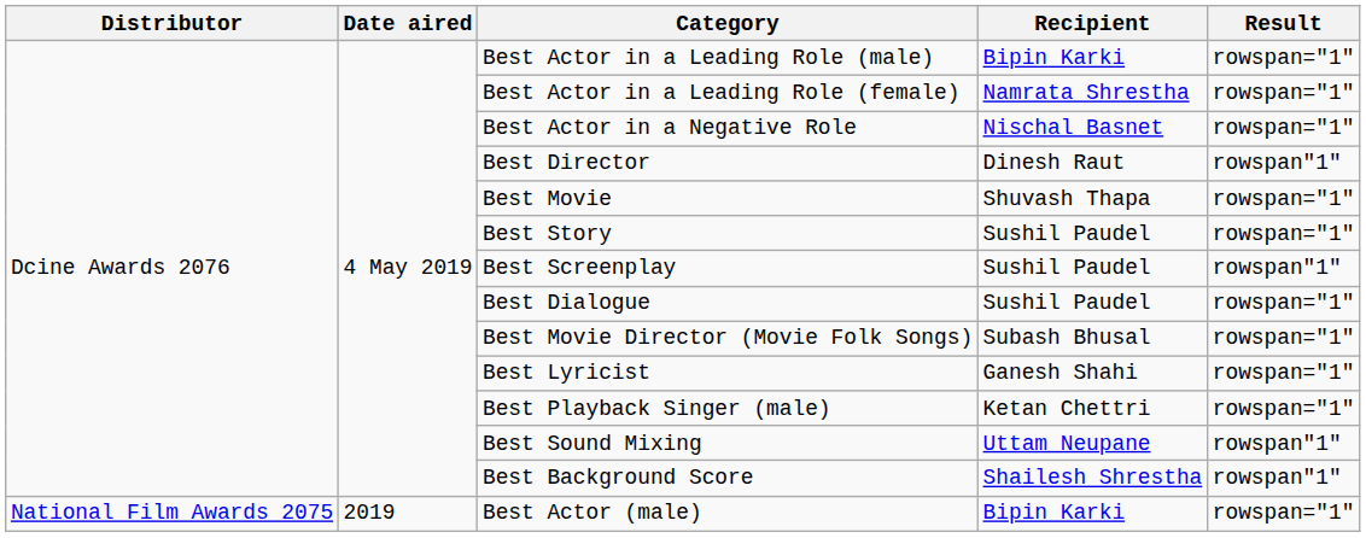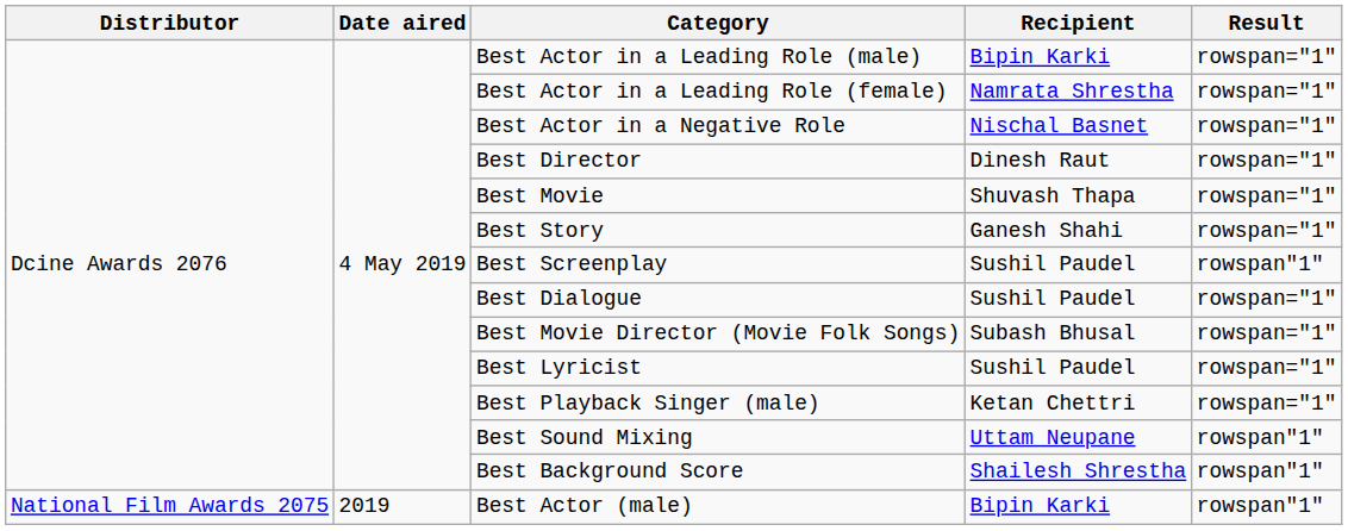 <table class="wikitable">
 <tr>
 <th>Distributor</th>
 <th>Date aired</th>
 <th>Category</th>
 <th>Recipient</th>
 <th>Result</th>
 </tr>
 <tr>
 <td rowspan="13">Dcine Awards 2076</td>
 <td rowspan="13">4 May 2019</td>
 <td>Best Actor in a Leading Role (male)</td>
 <td><a href='#'>Bipin Karki</a></td>
 <td>rowspan="1" </td>
 </tr>
 <tr>
 <td>Best Actor in a Leading Role (female)</td>
 <td><a href='#'>Namrata Shrestha</a></td>
 <td>rowspan="1" </td>
 </tr>
 <tr>
 <td>Best Actor in a Negative Role</td>
 <td><a href='#'>Nischal Basnet</a></td>
 <td>rowspan="1" </td>
 </tr>
 <tr>
 <td>Best Director</td>
 <td>Dinesh Raut</td>
-<td>rowspan"1" </td>
+<td>rowspan="1" </td>
 </tr>
 <tr>
 <td>Best Movie</td>
 <td>Shuvash Thapa</td>
 <td>rowspan="1" </td>
 </tr>
 <tr>
 <td>Best Story</td>
-<td>Sushil Paudel</td>
+<td>Ganesh Shahi</td>
 <td>rowspan="1" </td>
 </tr>
 <tr>
 <td>Best Screenplay</td>
 <td>Sushil Paudel</td>
 <td>rowspan"1" </td>
 </tr>
 <tr>
 <td>Best Dialogue</td>
 <td>Sushil Paudel</td>
 <td>rowspan="1" </td>
 </tr>
 <tr>
 <td>Best Movie Director (Movie Folk Songs)</td>
 <td>Subash Bhusal</td>
 <td>rowspan="1" </td>
 </tr>
 <tr>
 <td>Best Lyricist</td>
-<td>Ganesh Shahi</td>
+<td>Sushil Paudel</td>
 <td>rowspan="1" </td>
 </tr>
 <tr>
 <td>Best Playback Singer (male)</td>
 <td>Ketan Chettri</td>
 <td>rowspan="1" </td>
 </tr>
 <tr>
 <td>Best Sound Mixing</td>
 <td><a href='#'>Uttam Neupane</a></td>
 <td>rowspan"1" </td>
 </tr>
 <tr>
 <td>Best Background Score</td>
 <td><a href='#'>Shailesh Shrestha</a></td>
 <td>rowspan"1" </td>
 </tr>
 <tr>
 <td rowspan="13"><a href='#'>National Film Awards 2075</a></td>
 <td rowspan="13">2019</td>
 <td>Best Actor (male)</td>
 <td><a href='#'>Bipin Karki</a></td>
-<td>rowspan="1" </td>
+<td>rowspan"1" </td>
 </tr>
 </table>
